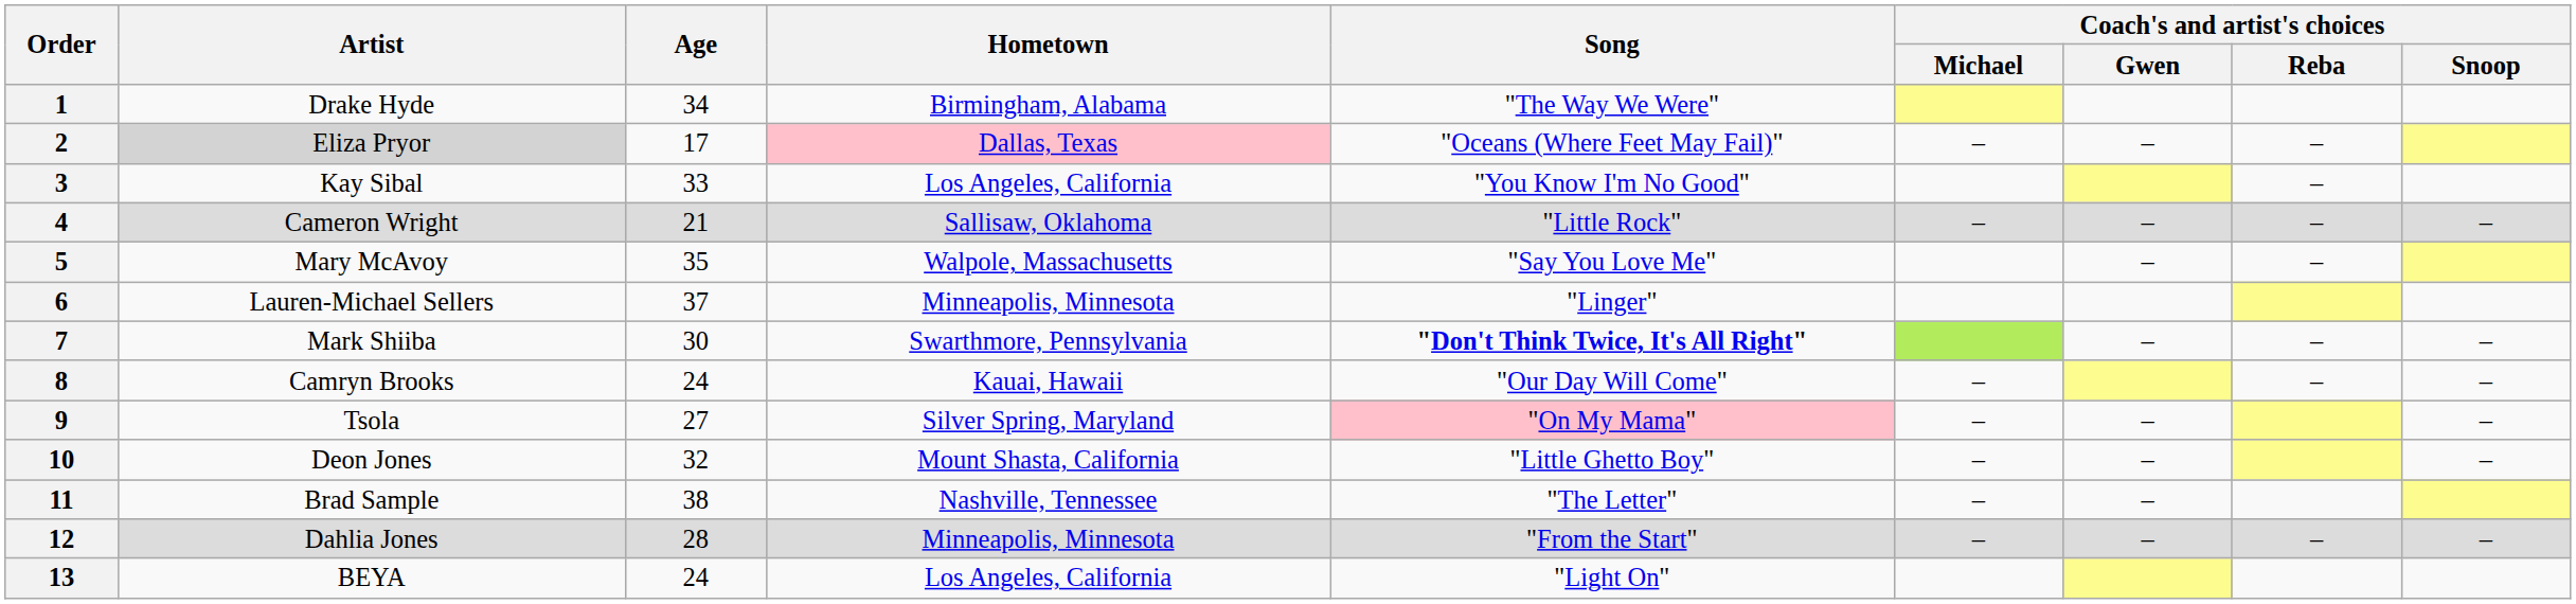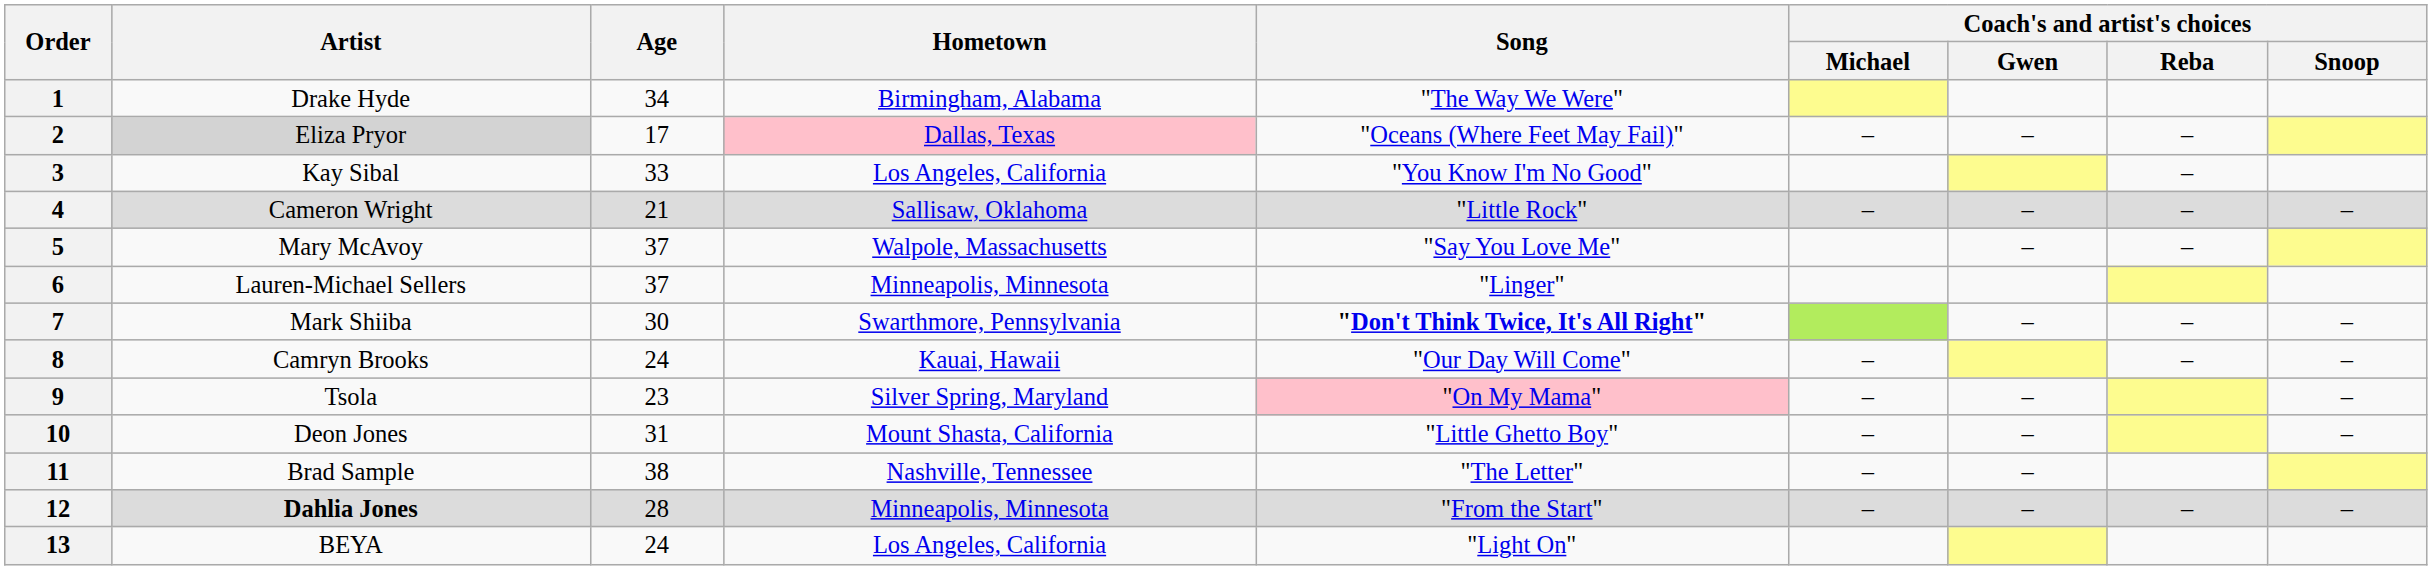 <table class="wikitable" style="text-align:center; line-height:17px; width:100%">
 <tr>
 <th scope="col" rowspan="2" style="width:04%">Order</th>
 <th scope="col" rowspan="2" style="width:18%">Artist</th>
 <th scope="col" rowspan="2" style="width:05%">Age</th>
 <th scope="col" rowspan="2" style="width:20%">Hometown</th>
 <th scope="col" rowspan="2" style="width:20%">Song</th>
 <th scope="col" colspan="4" style="width:24%">Coach's and artist's choices</th>
 </tr>
 <tr>
 <th style="width:06%">Michael</th>
 <th style="width:06%">Gwen</th>
 <th style="width:06%">Reba</th>
 <th style="width:06%">Snoop</th>
 </tr>
 <tr>
 <th>1</th>
 <td>Drake Hyde</td>
 <td>34</td>
 <td><a href='#'>Birmingham, Alabama</a></td>
 <td>"<a href='#'>The Way We Were</a>"</td>
 <td style="background:#fdfc8f"><em></em></td>
 <td><em></em></td>
 <td><em></em></td>
 <td><em></em></td>
 </tr>
 <tr>
 <th>2</th>
 <td style="background: lightgrey;">Eliza Pryor</td>
 <td>17</td>
 <td style="background: pink;"><a href='#'>Dallas, Texas</a></td>
 <td>"<a href='#'>Oceans (Where Feet May Fail)</a>"</td>
 <td>–</td>
 <td>–</td>
 <td>–</td>
 <td style="background:#fdfc8f"><em></em></td>
 </tr>
 <tr>
 <th>3</th>
 <td>Kay Sibal</td>
 <td>33</td>
 <td><a href='#'>Los Angeles, California</a></td>
 <td>"<a href='#'>You Know I'm No Good</a>"</td>
 <td><em></em></td>
 <td style="background:#fdfc8f"><em></em></td>
 <td>–</td>
 <td><em></em></td>
 </tr>
 <tr bgcolor=#DCDCDC>
 <th>4</th>
 <td>Cameron Wright</td>
 <td>21</td>
 <td><a href='#'>Sallisaw, Oklahoma</a></td>
 <td>"<a href='#'>Little Rock</a>"</td>
 <td>–</td>
 <td>–</td>
 <td>–</td>
 <td>–</td>
 </tr>
 <tr>
 <th>5</th>
 <td>Mary McAvoy</td>
-<td>35</td>
+<td>37</td>
 <td><a href='#'>Walpole, Massachusetts</a></td>
 <td>"<a href='#'>Say You Love Me</a>"</td>
 <td><em></em></td>
 <td>–</td>
 <td>–</td>
 <td style="background:#fdfc8f"><em></em></td>
 </tr>
 <tr>
 <th>6</th>
 <td>Lauren-Michael Sellers</td>
 <td>37</td>
 <td><a href='#'>Minneapolis, Minnesota</a></td>
 <td>"<a href='#'>Linger</a>"</td>
 <td><em></em></td>
 <td><em></em></td>
 <td style="background:#fdfc8f"><em></em></td>
 <td><em></em></td>
 </tr>
 <tr>
 <th>7</th>
 <td>Mark Shiiba</td>
 <td>30</td>
 <td><a href='#'>Swarthmore, Pennsylvania</a></td>
 <td><strong>"<a href='#'>Don't Think Twice, It's All Right</a>"</strong></td>
 <td style="background:#B2EC5D"><em></em></td>
 <td>–</td>
 <td>–</td>
 <td>–</td>
 </tr>
 <tr>
 <th>8</th>
 <td>Camryn Brooks</td>
 <td>24</td>
 <td><a href='#'>Kauai, Hawaii</a></td>
 <td>"<a href='#'>Our Day Will Come</a>"</td>
 <td>–</td>
 <td style="background:#fdfc8f"><em></em></td>
 <td>–</td>
 <td>–</td>
 </tr>
 <tr>
 <th>9</th>
 <td>Tsola</td>
-<td>27</td>
+<td>23</td>
 <td><a href='#'>Silver Spring, Maryland</a></td>
 <td style="background: pink;">"<a href='#'>On My Mama</a>"</td>
 <td>–</td>
 <td>–</td>
 <td style="background:#fdfc8f"><em></em></td>
 <td>–</td>
 </tr>
 <tr>
 <th>10</th>
 <td>Deon Jones</td>
-<td>32</td>
+<td>31</td>
 <td><a href='#'>Mount Shasta, California</a></td>
 <td>"<a href='#'>Little Ghetto Boy</a>"</td>
 <td>–</td>
 <td>–</td>
 <td style="background:#fdfc8f"><em></em></td>
 <td>–</td>
 </tr>
 <tr>
 <th>11</th>
 <td>Brad Sample</td>
 <td>38</td>
 <td><a href='#'>Nashville, Tennessee</a></td>
 <td>"<a href='#'>The Letter</a>"</td>
 <td>–</td>
 <td>–</td>
 <td><em></em></td>
 <td style="background:#fdfc8f"><em></em></td>
 </tr>
 <tr bgcolor=#DCDCDC>
 <th>12</th>
-<td>Dahlia Jones</td>
+<td><strong>Dahlia Jones</strong></td>
 <td>28</td>
 <td><a href='#'>Minneapolis, Minnesota</a></td>
 <td>"<a href='#'>From the Start</a>"</td>
 <td>–</td>
 <td>–</td>
 <td>–</td>
 <td>–</td>
 </tr>
 <tr>
 <th>13</th>
 <td>BEYA</td>
 <td>24</td>
 <td><a href='#'>Los Angeles, California</a></td>
 <td>"<a href='#'>Light On</a>"</td>
 <td><em></em></td>
 <td style="background:#fdfc8f"><em></em></td>
 <td><em></em></td>
 <td><em></em></td>
 </tr>
 </table>
